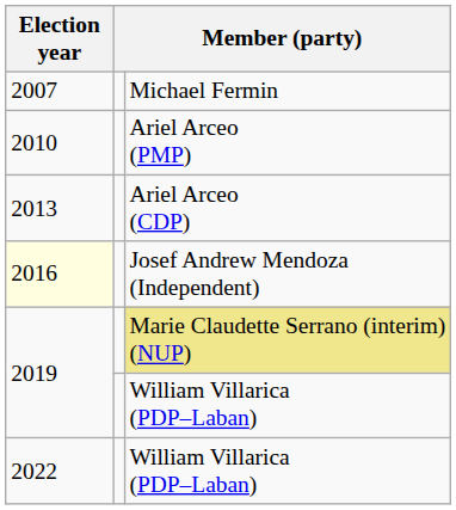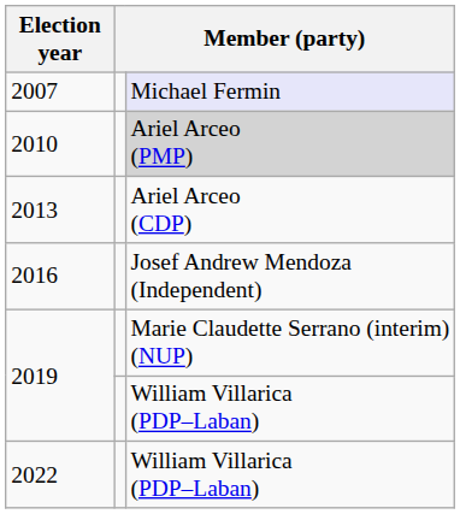 <table class=wikitable style="font-size:90%">
 <tr>
 <th width=60px>Election<br>year</th>
 <th colspan=2 width=140px>Member (party)</th>
 </tr>
 <tr>
 <td>2007</td>
 <td></td>
-<td>Michael Fermin</td>
+<td style="background: lavender;">Michael Fermin</td>
 </tr>
 <tr>
 <td>2010</td>
 <td bgcolor=></td>
-<td>Ariel Arceo<br>(<a href='#'>PMP</a>)</td>
+<td style="background: lightgrey;">Ariel Arceo<br>(<a href='#'>PMP</a>)</td>
 </tr>
 <tr>
 <td>2013</td>
 <td bgcolor=></td>
 <td>Ariel Arceo<br>(<a href='#'>CDP</a>)</td>
 </tr>
 <tr>
-<td style="background: lightyellow;">2016</td>
+<td>2016</td>
 <td bgcolor=></td>
 <td>Josef Andrew Mendoza<br>(Independent)</td>
 </tr>
 <tr>
 <td rowspan=2>2019</td>
 <td bgcolor=></td>
-<td style="background: khaki;">Marie Claudette Serrano (interim)<br>(<a href='#'>NUP</a>)</td>
+<td>Marie Claudette Serrano (interim)<br>(<a href='#'>NUP</a>)</td>
 </tr>
 <tr>
 <td bgcolor=></td>
 <td>William Villarica<br>(<a href='#'>PDP–Laban</a>)</td>
 </tr>
 <tr>
 <td>2022</td>
 <td bgcolor=></td>
 <td>William Villarica<br>(<a href='#'>PDP–Laban</a>)</td>
 </tr>
 </table>
